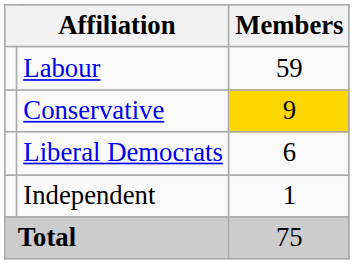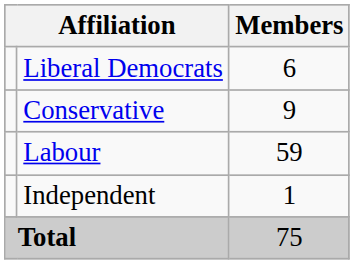 <table class="wikitable">
 <tr>
 <th colspan="2">Affiliation</th>
 <th>Members</th>
 </tr>
 <tr>
 <td style="color:inherit;background:"></td>
-<td><a href='#'>Labour</a></td>
-<td style="text-align:center;">59</td>
+<td><a href='#'>Liberal Democrats</a></td>
+<td style="text-align:center;">6</td>
 </tr>
 <tr>
 <td style="color:inherit;background:"></td>
 <td><a href='#'>Conservative</a></td>
-<td style="background: gold; text-align:center;">9</td>
+<td style="text-align:center;">9</td>
 </tr>
 <tr>
 <td style="color:inherit;background:"></td>
-<td><a href='#'>Liberal Democrats</a></td>
-<td style="text-align:center;">6</td>
+<td><a href='#'>Labour</a></td>
+<td style="text-align:center;">59</td>
 </tr>
 <tr>
 <td style="color:inherit;background:"></td>
 <td>Independent</td>
 <td style="text-align:center;">1</td>
 </tr>
 <tr style="background:#ccc;">
 <td colspan="2"> <strong>Total</strong></td>
 <td style="text-align:center;">75</td>
 </tr>
 </table>
